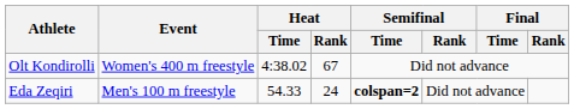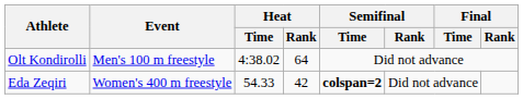 <table class=wikitable style="font-size:90%">
 <tr>
 <th rowspan="2">Athlete</th>
 <th rowspan="2">Event</th>
 <th colspan="2">Heat</th>
 <th colspan="2">Semifinal</th>
 <th colspan="2">Final</th>
 </tr>
 <tr style="font-size:95%">
 <th>Time</th>
 <th>Rank</th>
 <th>Time</th>
 <th>Rank</th>
 <th>Time</th>
 <th>Rank</th>
 </tr>
 <tr align=center>
 <td align=left><a href='#'>Olt Kondirolli</a></td>
-<td align=left><a href='#'>Women's 400 m freestyle</a></td>
+<td align=left><a href='#'>Men's 100 m freestyle</a></td>
 <td>4:38.02</td>
-<td>67</td>
+<td>64</td>
 <td colspan="4">Did not advance</td>
 </tr>
 <tr align=center>
 <td align=left><a href='#'>Eda Zeqiri</a></td>
-<td align=left><a href='#'>Men's 100 m freestyle</a></td>
+<td align=left><a href='#'>Women's 400 m freestyle</a></td>
 <td>54.33</td>
-<td>24</td>
+<td>42</td>
 <td><strong>colspan=2 </strong></td>
 <td colspan="2">Did not advance</td>
 </tr>
 </table>
